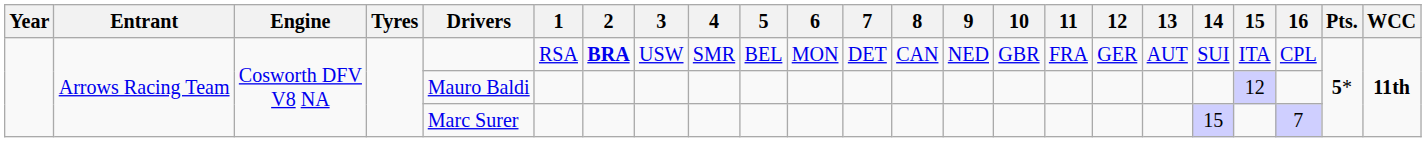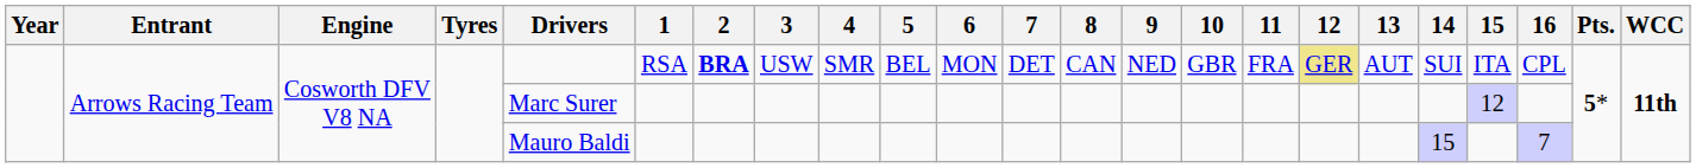 <table class="wikitable" style="text-align:center; font-size:95%">
 <tr>
 <th>Year</th>
 <th>Entrant</th>
 <th>Engine</th>
 <th>Tyres</th>
 <th>Drivers</th>
 <th>1</th>
 <th>2</th>
 <th>3</th>
 <th>4</th>
 <th>5</th>
 <th>6</th>
 <th>7</th>
 <th>8</th>
 <th>9</th>
 <th>10</th>
 <th>11</th>
 <th>12</th>
 <th>13</th>
 <th>14</th>
 <th>15</th>
 <th>16</th>
 <th>Pts.</th>
 <th>WCC</th>
 </tr>
 <tr>
 <td rowspan="3"></td>
 <td rowspan="3"><a href='#'>Arrows Racing Team</a></td>
 <td rowspan="3"><a href='#'>Cosworth DFV</a><br><a href='#'>V8</a> <a href='#'>NA</a></td>
 <td rowspan="3"></td>
 <td></td>
 <td><a href='#'>RSA</a></td>
 <td><strong><a href='#'>BRA</a></strong></td>
 <td><a href='#'>USW</a></td>
 <td><a href='#'>SMR</a></td>
 <td><a href='#'>BEL</a></td>
 <td><a href='#'>MON</a></td>
 <td><a href='#'>DET</a></td>
 <td><a href='#'>CAN</a></td>
 <td><a href='#'>NED</a></td>
 <td><a href='#'>GBR</a></td>
 <td><a href='#'>FRA</a></td>
-<td><a href='#'>GER</a></td>
+<td style="background: khaki;"><a href='#'>GER</a></td>
 <td><a href='#'>AUT</a></td>
 <td><a href='#'>SUI</a></td>
 <td><a href='#'>ITA</a></td>
 <td><a href='#'>CPL</a></td>
 <td rowspan="3"><strong>5</strong>*</td>
 <td rowspan="3"><strong>11th</strong></td>
 </tr>
 <tr>
-<td align="left"><a href='#'>Mauro Baldi</a></td>
+<td align="left"><a href='#'>Marc Surer</a></td>
 <td></td>
 <td></td>
 <td></td>
 <td></td>
 <td></td>
 <td></td>
 <td></td>
 <td></td>
 <td></td>
 <td></td>
 <td></td>
 <td></td>
 <td></td>
 <td></td>
 <td style="background:#cfcfff;">12</td>
 <td></td>
 </tr>
 <tr>
-<td align="left"><a href='#'>Marc Surer</a></td>
+<td align="left"><a href='#'>Mauro Baldi</a></td>
 <td></td>
 <td></td>
 <td></td>
 <td></td>
 <td></td>
 <td></td>
 <td></td>
 <td></td>
 <td></td>
 <td></td>
 <td></td>
 <td></td>
 <td></td>
 <td style="background:#cfcfff;">15</td>
 <td></td>
 <td style="background:#cfcfff;">7</td>
 </tr>
 </table>
